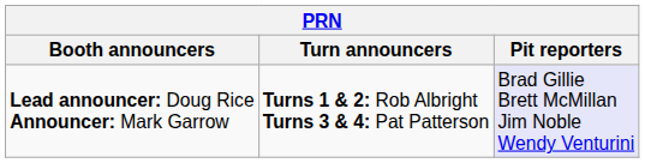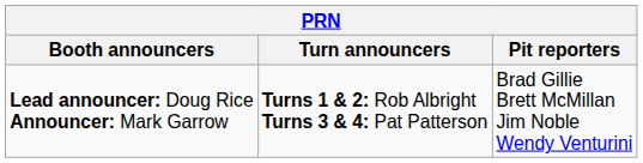 <table class="wikitable" style="font-size: 95%;">
 <tr>
 <th colspan="3"><a href='#'>PRN</a></th>
 </tr>
 <tr>
 <th>Booth announcers</th>
 <th>Turn announcers</th>
 <th>Pit reporters</th>
 </tr>
 <tr>
 <td><strong>Lead announcer:</strong> Doug Rice<br><strong>Announcer:</strong> Mark Garrow</td>
 <td><strong>Turns 1 & 2:</strong> Rob Albright<br><strong>Turns 3 & 4:</strong> Pat Patterson</td>
-<td style="background: lavender;">Brad Gillie<br>Brett McMillan<br>Jim Noble<br><a href='#'>Wendy Venturini</a></td>
+<td>Brad Gillie<br>Brett McMillan<br>Jim Noble<br><a href='#'>Wendy Venturini</a></td>
 </tr>
 </table>
